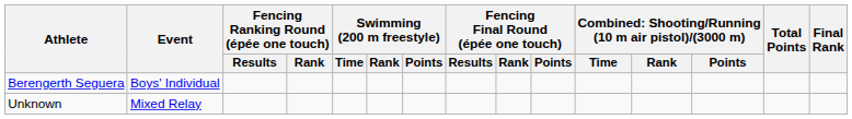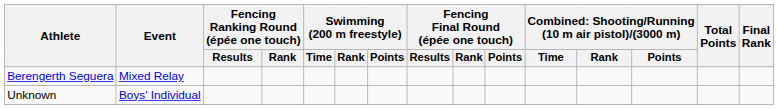 <table class="wikitable" style="font-size:90%;">
 <tr>
 <th rowspan=2>Athlete</th>
 <th rowspan=2>Event</th>
 <th colspan=2>Fencing<br>Ranking Round<br><span>(épée one touch)</span></th>
 <th colspan=3>Swimming<br><span>(200 m freestyle)</span></th>
 <th colspan=3>Fencing<br>Final Round<br><span>(épée one touch)</span></th>
 <th colspan=3>Combined: Shooting/Running<br><span>(10 m air pistol)/(3000 m)</span></th>
 <th rowspan=2>Total<br>Points</th>
 <th rowspan=2>Final<br>Rank</th>
 </tr>
 <tr style="font-size:95%">
 <th>Results</th>
 <th>Rank</th>
 <th>Time</th>
 <th>Rank</th>
 <th>Points</th>
 <th>Results</th>
 <th>Rank</th>
 <th>Points</th>
 <th>Time</th>
 <th>Rank</th>
 <th>Points</th>
 </tr>
 <tr align=center>
 <td align=left><a href='#'>Berengerth Seguera</a></td>
-<td align=left><a href='#'>Boys' Individual</a></td>
+<td align=left><a href='#'>Mixed Relay</a></td>
 <td></td>
 <td></td>
 <td></td>
 <td></td>
 <td></td>
 <td></td>
 <td></td>
 <td></td>
 <td></td>
 <td></td>
 <td></td>
 <td></td>
 <td></td>
 </tr>
 <tr align=center>
 <td align=left>Unknown<br></td>
-<td align=left><a href='#'>Mixed Relay</a></td>
+<td align=left><a href='#'>Boys' Individual</a></td>
 <td></td>
 <td></td>
 <td></td>
 <td></td>
 <td></td>
 <td></td>
 <td></td>
 <td></td>
 <td></td>
 <td></td>
 <td></td>
 <td></td>
 <td></td>
 </tr>
 </table>
